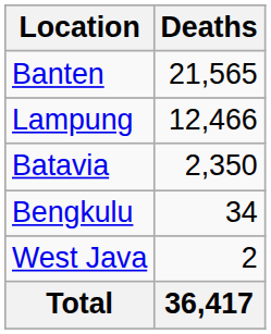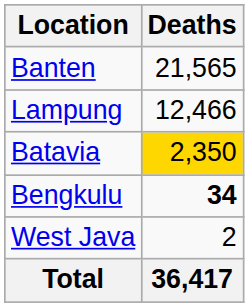 <table class="wikitable">
 <tr>
 <th>Location</th>
 <th>Deaths</th>
 </tr>
 <tr>
 <td><a href='#'>Banten</a></td>
 <td align=right>21,565</td>
 </tr>
 <tr>
 <td><a href='#'>Lampung</a></td>
 <td align=right>12,466</td>
 </tr>
 <tr>
 <td><a href='#'>Batavia</a></td>
-<td align=right>2,350</td>
+<td align=right style="background: gold;">2,350</td>
 </tr>
 <tr>
 <td><a href='#'>Bengkulu</a></td>
-<td align=right>34</td>
+<td align=right><strong>34</strong></td>
 </tr>
 <tr>
 <td><a href='#'>West Java</a></td>
 <td align=right>2</td>
 </tr>
 <tr>
 <th>Total</th>
 <th>36,417</th>
 </tr>
 </table>
